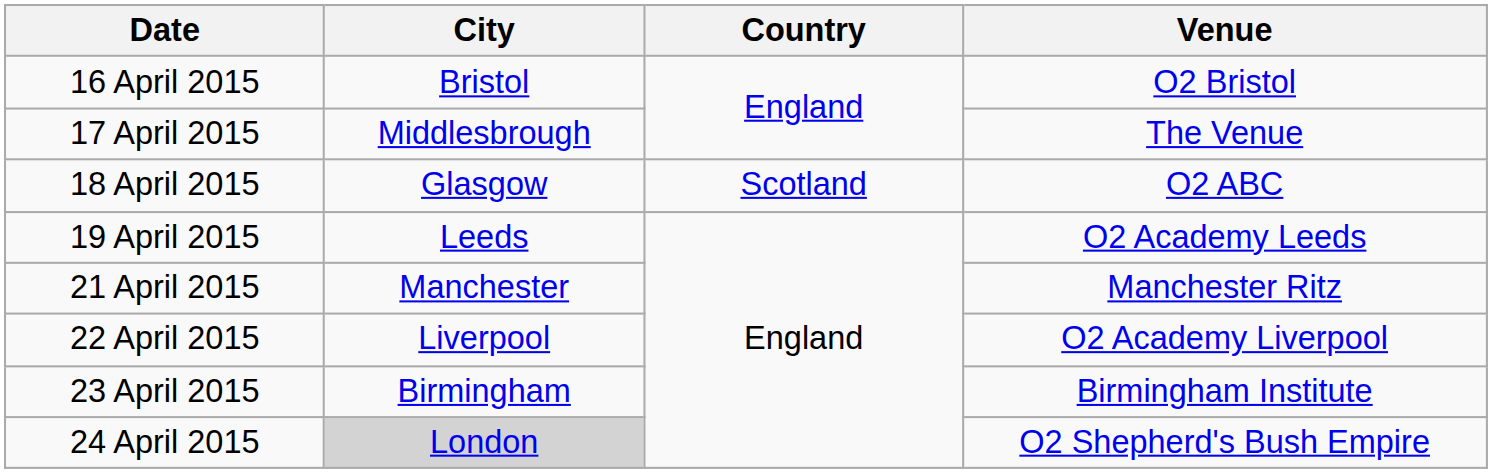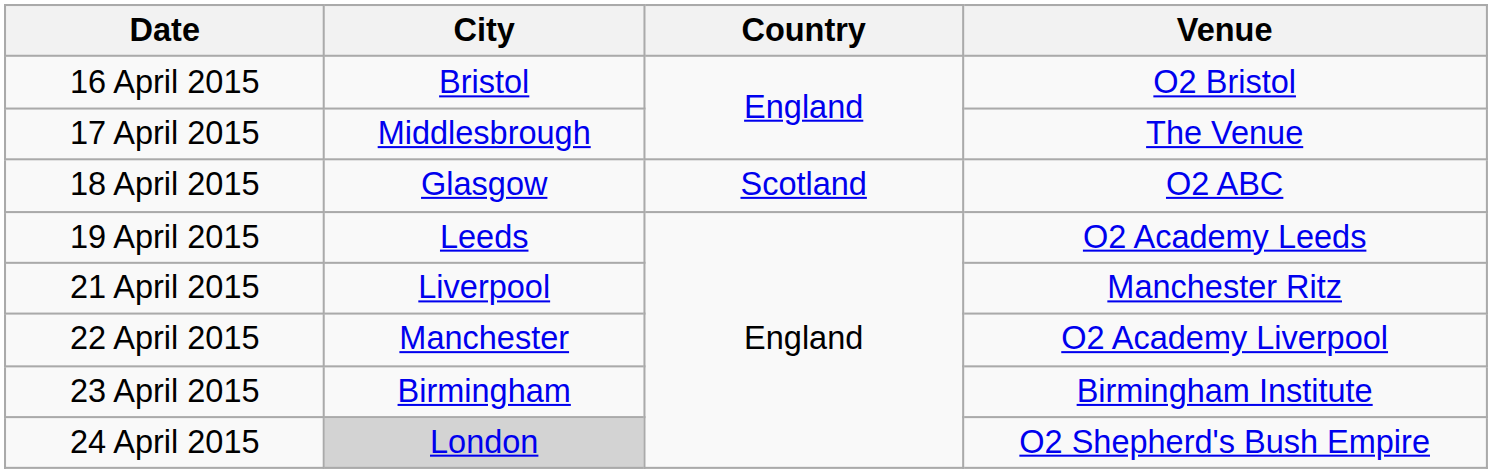 <table class="wikitable" style="text-align:center;">
 <tr>
 <th style="width:150px;">Date</th>
 <th style="width:150px;">City</th>
 <th style="width:150px;">Country</th>
 <th style="width:250px;">Venue</th>
 </tr>
 <tr>
 <td>16 April 2015</td>
 <td><a href='#'>Bristol</a></td>
 <td rowspan="2"><a href='#'>England</a></td>
 <td><a href='#'>O2 Bristol</a></td>
 </tr>
 <tr>
 <td>17 April 2015</td>
 <td><a href='#'>Middlesbrough</a></td>
 <td><a href='#'>The Venue</a></td>
 </tr>
 <tr>
 <td>18 April 2015</td>
 <td><a href='#'>Glasgow</a></td>
 <td><a href='#'>Scotland</a></td>
 <td><a href='#'>O2 ABC</a></td>
 </tr>
 <tr>
 <td>19 April 2015</td>
 <td><a href='#'>Leeds</a></td>
 <td rowspan="5">England</td>
 <td><a href='#'>O2 Academy Leeds</a></td>
 </tr>
 <tr>
 <td>21 April 2015</td>
-<td><a href='#'>Manchester</a></td>
+<td><a href='#'>Liverpool</a></td>
 <td><a href='#'>Manchester Ritz</a></td>
 </tr>
 <tr>
 <td>22 April 2015</td>
-<td><a href='#'>Liverpool</a></td>
+<td><a href='#'>Manchester</a></td>
 <td><a href='#'>O2 Academy Liverpool</a></td>
 </tr>
 <tr>
 <td>23 April 2015</td>
 <td><a href='#'>Birmingham</a></td>
 <td><a href='#'>Birmingham Institute</a></td>
 </tr>
 <tr>
 <td>24 April 2015</td>
 <td style="background: lightgrey;"><a href='#'>London</a></td>
 <td><a href='#'>O2 Shepherd's Bush Empire</a></td>
 </tr>
 </table>
